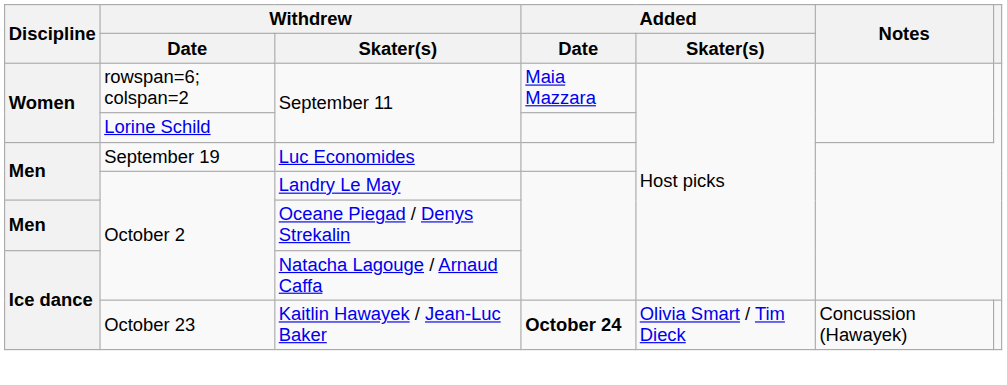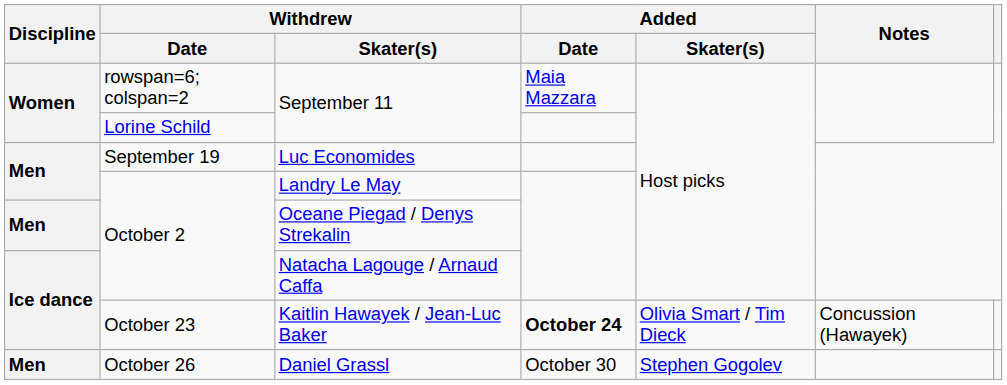 <table class="wikitable unsortable">
 <tr>
 <th scope="col" rowspan=2>Discipline</th>
 <th scope="col" colspan=2>Withdrew</th>
 <th scope="col" colspan=2>Added</th>
 <th scope="col" rowspan=2>Notes</th>
 <th scope="col" rowspan=2></th>
 </tr>
 <tr>
 <th>Date</th>
 <th>Skater(s)</th>
 <th>Date</th>
 <th>Skater(s)</th>
 </tr>
 <tr>
 <th scope="row" style="text-align:left" rowspan=2>Women</th>
 <td>rowspan=6; colspan=2 </td>
 <td rowspan=2>September 11</td>
 <td> <a href='#'>Maia Mazzara</a></td>
 <td rowspan=6>Host picks</td>
 <td rowspan=2></td>
 </tr>
 <tr>
 <td> <a href='#'>Lorine Schild</a></td>
 </tr>
 <tr>
 <th scope="row" style="text-align:left" rowspan=2>Men</th>
 <td>September 19</td>
 <td> <a href='#'>Luc Economides</a></td>
 <td></td>
 </tr>
 <tr>
 <td rowspan=3>October 2</td>
 <td> <a href='#'>Landry Le May</a></td>
 <td rowspan=3></td>
 </tr>
 <tr>
 <th scope="row" style="text-align:left">Men</th>
 <td> <a href='#'>Oceane Piegad</a> / <a href='#'>Denys Strekalin</a></td>
 </tr>
 <tr>
 <th scope="row" style="text-align:left" rowspan="2">Ice dance</th>
 <td> <a href='#'>Natacha Lagouge</a> / <a href='#'>Arnaud Caffa</a></td>
 </tr>
 <tr>
 <td>October 23</td>
 <td> <a href='#'>Kaitlin Hawayek</a> / <a href='#'>Jean-Luc Baker</a></td>
 <td><strong>October 24</strong></td>
 <td> <a href='#'>Olivia Smart</a> / <a href='#'>Tim Dieck</a></td>
 <td>Concussion (Hawayek)</td>
 <td></td>
 </tr>
+<tr>
+<th scope="row" style="text-align:left">Men</th>
+<td>October 26</td>
+<td> <a href='#'>Daniel Grassl</a></td>
+<td>October 30</td>
+<td> <a href='#'>Stephen Gogolev</a></td>
+<td></td>
+<td></td>
+</tr>
 </table>
